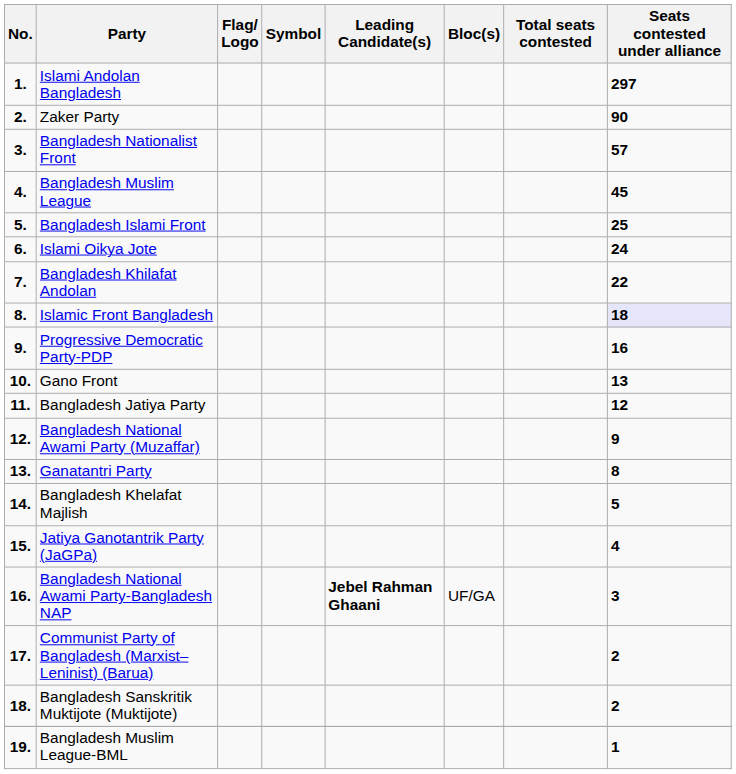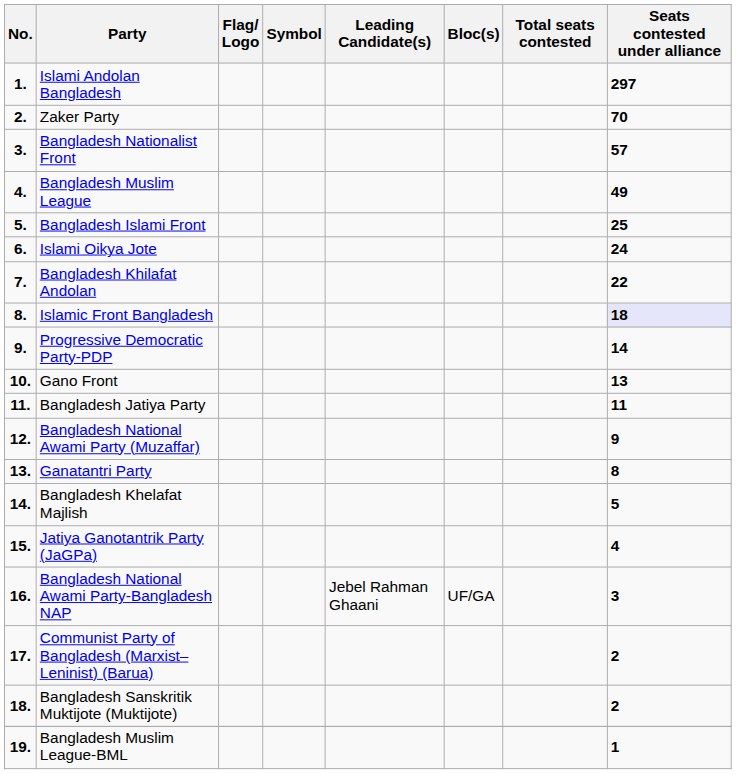 <table class="wikitable"  width="60%">
 <tr>
 <th>No.</th>
 <th>Party</th>
 <th>Flag/<br>Logo</th>
 <th>Symbol</th>
 <th>Leading Candidate(s)</th>
 <th>Bloc(s)</th>
 <th>Total seats contested</th>
 <th>Seats contested under alliance</th>
 </tr>
 <tr>
 <td style="text-align:center; background:"><strong>1.</strong></td>
 <td><a href='#'>Islami Andolan Bangladesh</a></td>
 <td></td>
 <td></td>
 <td></td>
 <td></td>
 <td></td>
 <td><strong>297</strong></td>
 </tr>
 <tr>
 <td style="text-align:Center; background:"><strong>2.</strong></td>
 <td>Zaker Party</td>
 <td></td>
 <td></td>
 <td></td>
 <td></td>
 <td></td>
-<td><strong>90</strong></td>
+<td><strong>70</strong></td>
 </tr>
 <tr>
 <td style="text-align:Center; background:"><strong>3.</strong></td>
 <td><a href='#'>Bangladesh Nationalist Front</a></td>
 <td></td>
 <td></td>
 <td></td>
 <td></td>
 <td></td>
 <td><strong>57</strong></td>
 </tr>
 <tr>
 <td style="text-align:Center; background:"><strong>4.</strong></td>
 <td><a href='#'>Bangladesh Muslim League</a></td>
 <td></td>
 <td></td>
 <td></td>
 <td></td>
 <td></td>
-<td><strong>45</strong></td>
+<td><strong>49</strong></td>
 </tr>
 <tr>
 <td style="text-align:Center; background:"><strong>5.</strong></td>
 <td><a href='#'>Bangladesh Islami Front</a></td>
 <td></td>
 <td></td>
 <td></td>
 <td></td>
 <td></td>
 <td><strong>25</strong></td>
 </tr>
 <tr>
 <td style="text-align:Center; background:"><strong>6.</strong></td>
 <td><a href='#'>Islami Oikya Jote</a></td>
 <td></td>
 <td></td>
 <td></td>
 <td></td>
 <td></td>
 <td><strong>24</strong></td>
 </tr>
 <tr>
 <td style="text-align:Center; background:"><strong>7.</strong></td>
 <td><a href='#'>Bangladesh Khilafat Andolan</a></td>
 <td></td>
 <td><br></td>
 <td></td>
 <td></td>
 <td></td>
 <td><strong>22</strong></td>
 </tr>
 <tr>
 <td style="text-align:Center; background:"><strong>8.</strong></td>
 <td><a href='#'>Islamic Front Bangladesh</a></td>
 <td></td>
 <td></td>
 <td></td>
 <td></td>
 <td></td>
 <td style="background: lavender;"><strong>18</strong></td>
 </tr>
 <tr>
 <td style="text-align:Center; background:"><strong>9.</strong></td>
 <td><a href='#'>Progressive Democratic Party-PDP</a></td>
 <td></td>
 <td></td>
 <td></td>
 <td></td>
 <td></td>
-<td><strong>16</strong></td>
+<td><strong>14</strong></td>
 </tr>
 <tr>
 <td style="text-align:Center; background:"><strong>10.</strong></td>
 <td>Gano Front</td>
 <td></td>
 <td></td>
 <td></td>
 <td></td>
 <td></td>
 <td><strong>13</strong></td>
 </tr>
 <tr>
 <td style="text-align:Center; background:"><strong>11.</strong></td>
 <td>Bangladesh Jatiya Party</td>
 <td></td>
 <td></td>
 <td></td>
 <td></td>
 <td></td>
-<td><strong>12</strong></td>
+<td><strong>11</strong></td>
 </tr>
 <tr>
 <td style="text-align:Center; background:"><strong>12.</strong></td>
 <td><a href='#'>Bangladesh National Awami Party (Muzaffar)</a></td>
 <td></td>
 <td></td>
 <td></td>
 <td></td>
 <td></td>
 <td><strong>9</strong></td>
 </tr>
 <tr>
 <td style="text-align:Center; background:"><strong>13.</strong></td>
 <td><a href='#'>Ganatantri Party</a></td>
 <td></td>
 <td></td>
 <td></td>
 <td></td>
 <td></td>
 <td><strong>8</strong></td>
 </tr>
 <tr>
 <td style="text-align:Center; background:"><strong>14.</strong></td>
 <td>Bangladesh Khelafat Majlish</td>
 <td></td>
 <td></td>
 <td></td>
 <td></td>
 <td></td>
 <td><strong>5</strong></td>
 </tr>
 <tr>
 <td style="text-align:Center; background:"><strong>15.</strong></td>
 <td><a href='#'>Jatiya Ganotantrik Party (JaGPa)</a></td>
 <td></td>
 <td></td>
 <td></td>
 <td></td>
 <td></td>
 <td><strong>4</strong></td>
 </tr>
 <tr>
 <td style="text-align:Center; background:"><strong>16.</strong></td>
 <td><a href='#'>Bangladesh National Awami Party-Bangladesh NAP</a></td>
 <td></td>
 <td></td>
-<td><strong>Jebel Rahman Ghaani</strong></td>
+<td>Jebel Rahman Ghaani</td>
 <td>UF/GA</td>
 <td></td>
 <td><strong>3</strong></td>
 </tr>
 <tr>
 <td style="text-align:Center; background:"><strong>17.</strong></td>
 <td><a href='#'>Communist Party of Bangladesh (Marxist–Leninist) (Barua)</a></td>
 <td></td>
 <td></td>
 <td></td>
 <td></td>
 <td></td>
 <td><strong>2</strong></td>
 </tr>
 <tr>
 <td style="text-align:Center; background:"><strong>18.</strong></td>
 <td>Bangladesh Sanskritik Muktijote (Muktijote)</td>
 <td></td>
 <td></td>
 <td></td>
 <td></td>
 <td></td>
 <td><strong>2</strong></td>
 </tr>
 <tr>
 </tr>
 <tr>
 <td style="text-align:Center; background:"><strong>19.</strong></td>
 <td>Bangladesh Muslim League-BML</td>
 <td></td>
 <td></td>
 <td></td>
 <td></td>
 <td></td>
 <td><strong>1</strong></td>
 </tr>
 </table>
